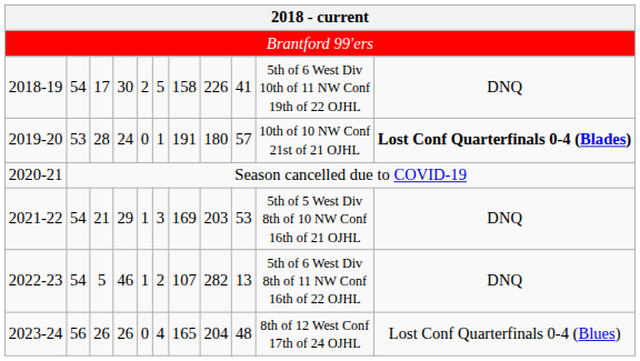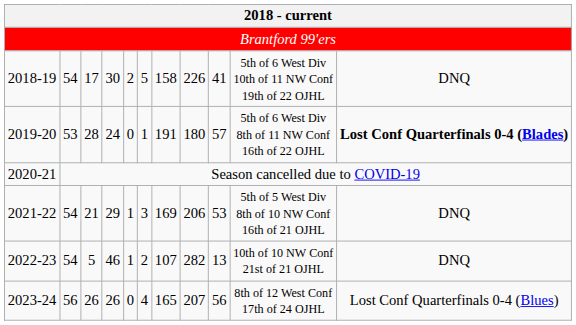 <table class="wikitable " style="text-align:center;">
 <tr>
 <th colspan=12 bgcolor="#822433" text_color=white><strong>2018 - current</strong></th>
 </tr>
 <tr align="center"  bgcolor="red"  style="color:white">
 <td colspan=11><em>Brantford 99'ers</em></td>
 </tr>
 <tr style="text-align:center;">
 <td>2018-19</td>
 <td>54</td>
 <td>17</td>
 <td>30</td>
 <td>2</td>
 <td>5</td>
 <td>158</td>
 <td>226</td>
 <td>41</td>
 <td><small>5th of 6 West Div<br>10th of 11 NW Conf<br>19th of 22 OJHL</small></td>
 <td>DNQ</td>
 </tr>
 <tr style="text-align:center;">
 <td>2019-20</td>
 <td>53</td>
 <td>28</td>
 <td>24</td>
 <td>0</td>
 <td>1</td>
 <td>191</td>
 <td>180</td>
 <td>57</td>
-<td><small>10th of 10 NW Conf<br>21st of 21 OJHL</small></td>
+<td><small>5th of 6 West Div<br>8th of 11 NW Conf<br>16th of 22 OJHL</small></td>
 <td><strong>Lost Conf Quarterfinals 0-4 (<a href='#'>Blades</a>)</strong></td>
 </tr>
 <tr align="center">
 <td>2020-21</td>
 <td colspan="10">Season cancelled due to <a href='#'>COVID-19</a></td>
 </tr>
 <tr style="text-align:center;">
 <td>2021-22</td>
 <td>54</td>
 <td>21</td>
 <td>29</td>
 <td>1</td>
 <td>3</td>
 <td>169</td>
-<td>203</td>
+<td>206</td>
 <td>53</td>
 <td><small>5th of 5 West Div<br>8th of 10 NW Conf<br>16th of 21 OJHL</small></td>
 <td>DNQ</td>
 </tr>
 <tr style="text-align:center;">
 <td>2022-23</td>
 <td>54</td>
 <td>5</td>
 <td>46</td>
 <td>1</td>
 <td>2</td>
 <td>107</td>
 <td>282</td>
 <td>13</td>
-<td><small>5th of 6 West Div<br>8th of 11 NW Conf<br>16th of 22 OJHL</small></td>
+<td><small>10th of 10 NW Conf<br>21st of 21 OJHL</small></td>
 <td>DNQ</td>
 </tr>
 <tr style="text-align:center;">
 <td>2023-24</td>
 <td>56</td>
 <td>26</td>
 <td>26</td>
 <td>0</td>
 <td>4</td>
 <td>165</td>
-<td>204</td>
-<td>48</td>
+<td>207</td>
+<td>56</td>
 <td><small>8th of 12 West Conf<br>17th of 24 OJHL</small></td>
 <td>Lost Conf Quarterfinals 0-4 (<a href='#'>Blues</a>)</td>
 </tr>
 </table>
